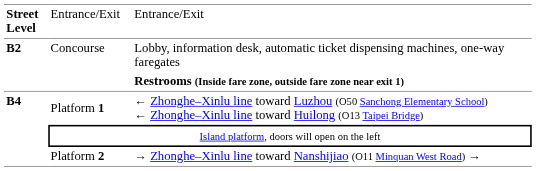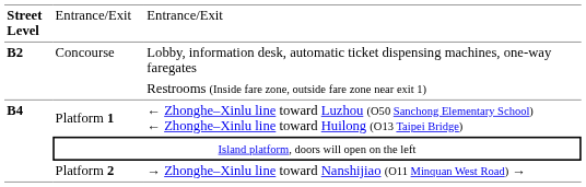 <table border=0 cellspacing=0 cellpadding=3>
 <tr>
 <td style="border-bottom:solid 1px gray;border-top:solid 1px gray;" width=50 valign=top><strong>Street Level</strong></td>
 <td style="border-top:solid 1px gray;border-bottom:solid 1px gray;" width=100 valign=top>Entrance/Exit</td>
 <td style="border-top:solid 1px gray;border-bottom:solid 1px gray;" width=500 valign=top>Entrance/Exit</td>
 </tr>
 <tr>
 <td style="border-bottom:solid 1px gray;" rowspan=2 valign=top><strong>B2</strong></td>
 <td style="border-bottom:solid 1px gray;" rowspan=2 valign=top>Concourse</td>
 <td width=440 valign=top>Lobby, information desk, automatic ticket dispensing machines, one-way faregates</td>
 </tr>
 <tr>
-<td style="border-bottom:solid 1px gray;"><strong>Restrooms <small>(Inside fare zone, outside fare zone near exit 1)</small></strong></td>
+<td style="border-bottom:solid 1px gray;">Restrooms <small>(Inside fare zone, outside fare zone near exit 1)</small></td>
 </tr>
 <tr>
 <td style="border-bottom:solid 1px gray;" rowspan=3 valign=top><strong>B4</strong></td>
 <td style="border-bottom:solid 0px gray;">Platform <span><strong>1</strong></span></td>
 <td>←  <a href='#'>Zhonghe–Xinlu line</a> toward <a href='#'>Luzhou</a> <small>(O50 <a href='#'>Sanchong Elementary School</a>)</small><br>←  <a href='#'>Zhonghe–Xinlu line</a> toward <a href='#'>Huilong</a> <small>(O13 <a href='#'>Taipei Bridge</a>)</small></td>
 </tr>
 <tr>
 <td style="border-top:solid 2px black;border-right:solid 2px black;border-left:solid 2px black;border-bottom:solid 2px black;text-align:center;" colspan=2><small><a href='#'>Island platform</a>, doors will open on the left</small></td>
 </tr>
 <tr>
 <td style="border-bottom:solid 1px gray;">Platform <span><strong>2</strong></span></td>
 <td style="border-bottom:solid 1px gray;"><span>→</span>  <a href='#'>Zhonghe–Xinlu line</a> toward <a href='#'>Nanshijiao</a> <small>(O11 <a href='#'>Minquan West Road</a>)</small> →</td>
 </tr>
 <tr>
 </tr>
 </table>
